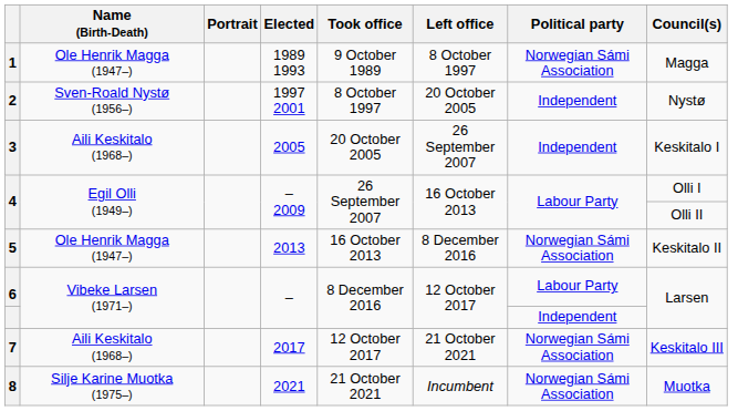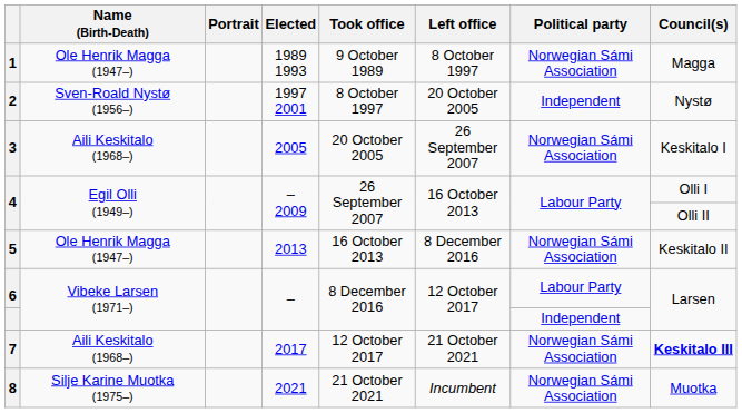 <table class="wikitable" style="text-align:center">
 <tr>
 <th width=10></th>
 <th width=200>Name<br><small>(Birth-Death)</small></th>
 <th>Portrait</th>
 <th>Elected</th>
 <th width=100>Took office</th>
 <th width=100>Left office</th>
 <th width=150>Political party</th>
 <th>Council(s)</th>
 </tr>
 <tr>
 <th style="background:">1</th>
 <td><a href='#'>Ole Henrik Magga</a><br><small>(1947–)</small></td>
 <td></td>
 <td>1989<br>1993</td>
 <td>9 October<br>1989</td>
 <td>8 October<br>1997</td>
 <td><a href='#'>Norwegian Sámi Association</a></td>
 <td>Magga</td>
 </tr>
 <tr>
 <th style="background:">2</th>
 <td><a href='#'>Sven-Roald Nystø</a><br><small>(1956–)</small></td>
 <td></td>
 <td>1997<br><a href='#'>2001</a></td>
 <td>8 October<br>1997</td>
 <td>20 October 2005</td>
 <td><a href='#'>Independent</a></td>
 <td>Nystø</td>
 </tr>
 <tr>
 <th style="background:">3</th>
 <td><a href='#'>Aili Keskitalo</a><br><small>(1968–)</small></td>
 <td></td>
 <td><a href='#'>2005</a></td>
 <td>20 October 2005</td>
 <td>26 September 2007</td>
-<td><a href='#'>Independent</a></td>
+<td><a href='#'>Norwegian Sámi Association</a></td>
 <td>Keskitalo I<br></td>
 </tr>
 <tr>
 <th rowspan=2; style="background:">4</th>
 <td rowspan=2><a href='#'>Egil Olli</a><br><small>(1949–)</small></td>
 <td rowspan=2></td>
 <td rowspan=2>–<br><a href='#'>2009</a></td>
 <td rowspan=2>26 September 2007</td>
 <td rowspan=2>16 October 2013</td>
 <td rowspan=2><a href='#'>Labour Party</a></td>
 <td>Olli I<br></td>
 </tr>
 <tr>
 <td>Olli II<br></td>
 </tr>
 <tr>
 <th style="background:">5</th>
 <td><a href='#'>Ole Henrik Magga</a><br><small>(1947–)</small></td>
 <td></td>
 <td><a href='#'>2013</a></td>
 <td>16 October 2013</td>
 <td>8 December 2016</td>
 <td><a href='#'>Norwegian Sámi Association</a></td>
 <td>Keskitalo II<br></td>
 </tr>
 <tr>
 <th style="background:"><br>6</th>
 <td rowspan=2><a href='#'>Vibeke Larsen</a><br><small>(1971–)</small></td>
 <td rowspan=2></td>
 <td rowspan=2>–</td>
 <td rowspan=2>8 December 2016</td>
 <td rowspan=2>12 October 2017</td>
 <td><a href='#'>Labour Party</a></td>
 <td rowspan=2>Larsen<br></td>
 </tr>
 <tr>
 <th style="background:"></th>
 <td><a href='#'>Independent</a></td>
 </tr>
 <tr>
 <th style="background:">7</th>
 <td><a href='#'>Aili Keskitalo</a><br><small>(1968–)</small></td>
 <td></td>
 <td><a href='#'>2017</a></td>
 <td>12 October 2017</td>
 <td>21 October 2021</td>
 <td><a href='#'>Norwegian Sámi Association</a></td>
-<td><a href='#'>Keskitalo III</a><br></td>
+<td><strong><a href='#'>Keskitalo III</a><br></strong></td>
 </tr>
 <tr>
 <th style="background:">8</th>
 <td><a href='#'>Silje Karine Muotka</a><br><small>(1975–)</small></td>
 <td></td>
 <td><a href='#'>2021</a></td>
 <td>21 October 2021</td>
 <td><em>Incumbent</em></td>
 <td><a href='#'>Norwegian Sámi Association</a></td>
 <td><a href='#'>Muotka</a><br></td>
 </tr>
 </table>
